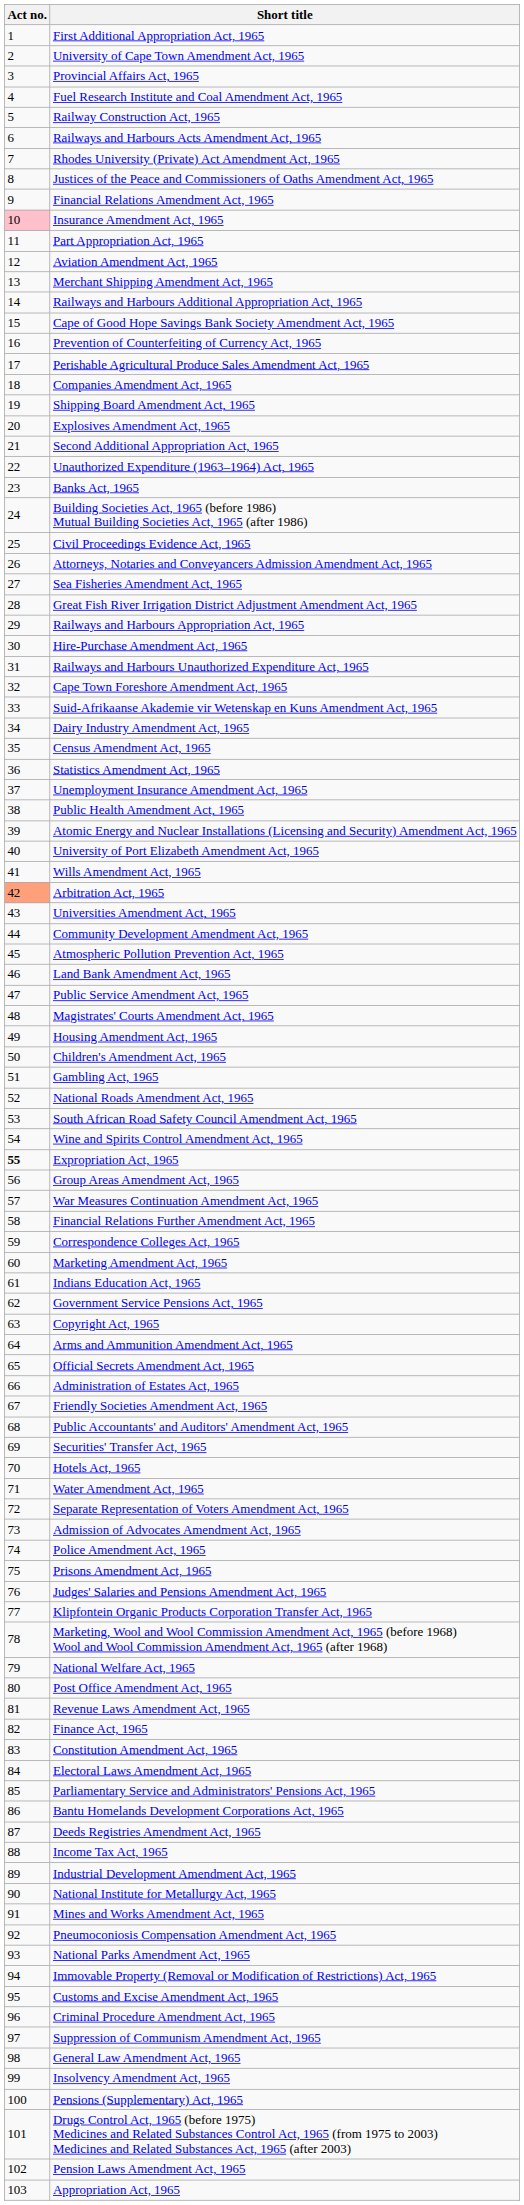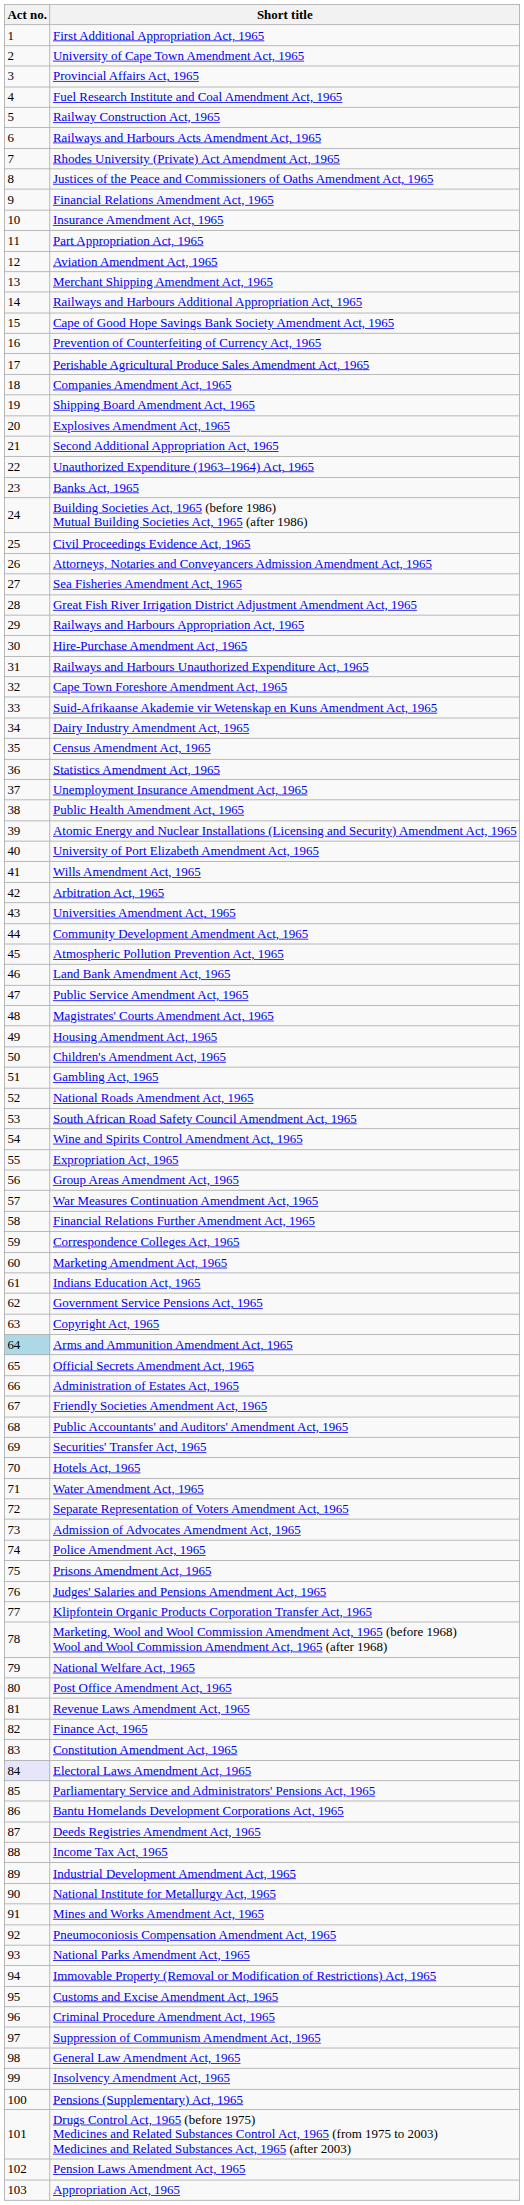 <table class="wikitable sortable">
 <tr>
 <th>Act no.</th>
 <th>Short title</th>
 </tr>
 <tr>
 <td>1</td>
 <td><a href='#'>First Additional Appropriation Act, 1965</a></td>
 </tr>
 <tr>
 <td>2</td>
 <td><a href='#'>University of Cape Town Amendment Act, 1965</a></td>
 </tr>
 <tr>
 <td>3</td>
 <td><a href='#'>Provincial Affairs Act, 1965</a></td>
 </tr>
 <tr>
 <td>4</td>
 <td><a href='#'>Fuel Research Institute and Coal Amendment Act, 1965</a></td>
 </tr>
 <tr>
 <td>5</td>
 <td><a href='#'>Railway Construction Act, 1965</a></td>
 </tr>
 <tr>
 <td>6</td>
 <td><a href='#'>Railways and Harbours Acts Amendment Act, 1965</a></td>
 </tr>
 <tr>
 <td>7</td>
 <td><a href='#'>Rhodes University (Private) Act Amendment Act, 1965</a></td>
 </tr>
 <tr>
 <td>8</td>
 <td><a href='#'>Justices of the Peace and Commissioners of Oaths Amendment Act, 1965</a></td>
 </tr>
 <tr>
 <td>9</td>
 <td><a href='#'>Financial Relations Amendment Act, 1965</a></td>
 </tr>
 <tr>
-<td style="background: pink;">10</td>
+<td>10</td>
 <td><a href='#'>Insurance Amendment Act, 1965</a></td>
 </tr>
 <tr>
 <td>11</td>
 <td><a href='#'>Part Appropriation Act, 1965</a></td>
 </tr>
 <tr>
 <td>12</td>
 <td><a href='#'>Aviation Amendment Act, 1965</a></td>
 </tr>
 <tr>
 <td>13</td>
 <td><a href='#'>Merchant Shipping Amendment Act, 1965</a></td>
 </tr>
 <tr>
 <td>14</td>
 <td><a href='#'>Railways and Harbours Additional Appropriation Act, 1965</a></td>
 </tr>
 <tr>
 <td>15</td>
 <td><a href='#'>Cape of Good Hope Savings Bank Society Amendment Act, 1965</a></td>
 </tr>
 <tr>
 <td>16</td>
 <td><a href='#'>Prevention of Counterfeiting of Currency Act, 1965</a></td>
 </tr>
 <tr>
 <td>17</td>
 <td><a href='#'>Perishable Agricultural Produce Sales Amendment Act, 1965</a></td>
 </tr>
 <tr>
 <td>18</td>
 <td><a href='#'>Companies Amendment Act, 1965</a></td>
 </tr>
 <tr>
 <td>19</td>
 <td><a href='#'>Shipping Board Amendment Act, 1965</a></td>
 </tr>
 <tr>
 <td>20</td>
 <td><a href='#'>Explosives Amendment Act, 1965</a></td>
 </tr>
 <tr>
 <td>21</td>
 <td><a href='#'>Second Additional Appropriation Act, 1965</a></td>
 </tr>
 <tr>
 <td>22</td>
 <td><a href='#'>Unauthorized Expenditure (1963–1964) Act, 1965</a></td>
 </tr>
 <tr>
 <td>23</td>
 <td><a href='#'>Banks Act, 1965</a></td>
 </tr>
 <tr>
 <td>24</td>
 <td><a href='#'>Building Societies Act, 1965</a> (before 1986) <br><a href='#'>Mutual Building Societies Act, 1965</a> (after 1986)</td>
 </tr>
 <tr>
 <td>25</td>
 <td><a href='#'>Civil Proceedings Evidence Act, 1965</a></td>
 </tr>
 <tr>
 <td>26</td>
 <td><a href='#'>Attorneys, Notaries and Conveyancers Admission Amendment Act, 1965</a></td>
 </tr>
 <tr>
 <td>27</td>
 <td><a href='#'>Sea Fisheries Amendment Act, 1965</a></td>
 </tr>
 <tr>
 <td>28</td>
 <td><a href='#'>Great Fish River Irrigation District Adjustment Amendment Act, 1965</a></td>
 </tr>
 <tr>
 <td>29</td>
 <td><a href='#'>Railways and Harbours Appropriation Act, 1965</a></td>
 </tr>
 <tr>
 <td>30</td>
 <td><a href='#'>Hire-Purchase Amendment Act, 1965</a></td>
 </tr>
 <tr>
 <td>31</td>
 <td><a href='#'>Railways and Harbours Unauthorized Expenditure Act, 1965</a></td>
 </tr>
 <tr>
 <td>32</td>
 <td><a href='#'>Cape Town Foreshore Amendment Act, 1965</a></td>
 </tr>
 <tr>
 <td>33</td>
 <td><a href='#'>Suid-Afrikaanse Akademie vir Wetenskap en Kuns Amendment Act, 1965</a></td>
 </tr>
 <tr>
 <td>34</td>
 <td><a href='#'>Dairy Industry Amendment Act, 1965</a></td>
 </tr>
 <tr>
 <td>35</td>
 <td><a href='#'>Census Amendment Act, 1965</a></td>
 </tr>
 <tr>
 <td>36</td>
 <td><a href='#'>Statistics Amendment Act, 1965</a></td>
 </tr>
 <tr>
 <td>37</td>
 <td><a href='#'>Unemployment Insurance Amendment Act, 1965</a></td>
 </tr>
 <tr>
 <td>38</td>
 <td><a href='#'>Public Health Amendment Act, 1965</a></td>
 </tr>
 <tr>
 <td>39</td>
 <td><a href='#'>Atomic Energy and Nuclear Installations (Licensing and Security) Amendment Act, 1965</a></td>
 </tr>
 <tr>
 <td>40</td>
 <td><a href='#'>University of Port Elizabeth Amendment Act, 1965</a></td>
 </tr>
 <tr>
 <td>41</td>
 <td><a href='#'>Wills Amendment Act, 1965</a></td>
 </tr>
 <tr>
-<td style="background: lightsalmon;">42</td>
+<td>42</td>
 <td><a href='#'>Arbitration Act, 1965</a></td>
 </tr>
 <tr>
 <td>43</td>
 <td><a href='#'>Universities Amendment Act, 1965</a></td>
 </tr>
 <tr>
 <td>44</td>
 <td><a href='#'>Community Development Amendment Act, 1965</a></td>
 </tr>
 <tr>
 <td>45</td>
 <td><a href='#'>Atmospheric Pollution Prevention Act, 1965</a></td>
 </tr>
 <tr>
 <td>46</td>
 <td><a href='#'>Land Bank Amendment Act, 1965</a></td>
 </tr>
 <tr>
 <td>47</td>
 <td><a href='#'>Public Service Amendment Act, 1965</a></td>
 </tr>
 <tr>
 <td>48</td>
 <td><a href='#'>Magistrates' Courts Amendment Act, 1965</a></td>
 </tr>
 <tr>
 <td>49</td>
 <td><a href='#'>Housing Amendment Act, 1965</a></td>
 </tr>
 <tr>
 <td>50</td>
 <td><a href='#'>Children's Amendment Act, 1965</a></td>
 </tr>
 <tr>
 <td>51</td>
 <td><a href='#'>Gambling Act, 1965</a></td>
 </tr>
 <tr>
 <td>52</td>
 <td><a href='#'>National Roads Amendment Act, 1965</a></td>
 </tr>
 <tr>
 <td>53</td>
 <td><a href='#'>South African Road Safety Council Amendment Act, 1965</a></td>
 </tr>
 <tr>
 <td>54</td>
 <td><a href='#'>Wine and Spirits Control Amendment Act, 1965</a></td>
 </tr>
 <tr>
-<td><strong>55</strong></td>
+<td>55</td>
 <td><a href='#'>Expropriation Act, 1965</a></td>
 </tr>
 <tr>
 <td>56</td>
 <td><a href='#'>Group Areas Amendment Act, 1965</a></td>
 </tr>
 <tr>
 <td>57</td>
 <td><a href='#'>War Measures Continuation Amendment Act, 1965</a></td>
 </tr>
 <tr>
 <td>58</td>
 <td><a href='#'>Financial Relations Further Amendment Act, 1965</a></td>
 </tr>
 <tr>
 <td>59</td>
 <td><a href='#'>Correspondence Colleges Act, 1965</a></td>
 </tr>
 <tr>
 <td>60</td>
 <td><a href='#'>Marketing Amendment Act, 1965</a></td>
 </tr>
 <tr>
 <td>61</td>
 <td><a href='#'>Indians Education Act, 1965</a></td>
 </tr>
 <tr>
 <td>62</td>
 <td><a href='#'>Government Service Pensions Act, 1965</a></td>
 </tr>
 <tr>
 <td>63</td>
 <td><a href='#'>Copyright Act, 1965</a></td>
 </tr>
 <tr>
-<td>64</td>
+<td style="background: lightblue;">64</td>
 <td><a href='#'>Arms and Ammunition Amendment Act, 1965</a></td>
 </tr>
 <tr>
 <td>65</td>
 <td><a href='#'>Official Secrets Amendment Act, 1965</a></td>
 </tr>
 <tr>
 <td>66</td>
 <td><a href='#'>Administration of Estates Act, 1965</a></td>
 </tr>
 <tr>
 <td>67</td>
 <td><a href='#'>Friendly Societies Amendment Act, 1965</a></td>
 </tr>
 <tr>
 <td>68</td>
 <td><a href='#'>Public Accountants' and Auditors' Amendment Act, 1965</a></td>
 </tr>
 <tr>
 <td>69</td>
 <td><a href='#'>Securities' Transfer Act, 1965</a></td>
 </tr>
 <tr>
 <td>70</td>
 <td><a href='#'>Hotels Act, 1965</a></td>
 </tr>
 <tr>
 <td>71</td>
 <td><a href='#'>Water Amendment Act, 1965</a></td>
 </tr>
 <tr>
 <td>72</td>
 <td><a href='#'>Separate Representation of Voters Amendment Act, 1965</a></td>
 </tr>
 <tr>
 <td>73</td>
 <td><a href='#'>Admission of Advocates Amendment Act, 1965</a></td>
 </tr>
 <tr>
 <td>74</td>
 <td><a href='#'>Police Amendment Act, 1965</a></td>
 </tr>
 <tr>
 <td>75</td>
 <td><a href='#'>Prisons Amendment Act, 1965</a></td>
 </tr>
 <tr>
 <td>76</td>
 <td><a href='#'>Judges' Salaries and Pensions Amendment Act, 1965</a></td>
 </tr>
 <tr>
 <td>77</td>
 <td><a href='#'>Klipfontein Organic Products Corporation Transfer Act, 1965</a></td>
 </tr>
 <tr>
 <td>78</td>
 <td><a href='#'>Marketing, Wool and Wool Commission Amendment Act, 1965</a> (before 1968) <br><a href='#'>Wool and Wool Commission Amendment Act, 1965</a> (after 1968)</td>
 </tr>
 <tr>
 <td>79</td>
 <td><a href='#'>National Welfare Act, 1965</a></td>
 </tr>
 <tr>
 <td>80</td>
 <td><a href='#'>Post Office Amendment Act, 1965</a></td>
 </tr>
 <tr>
 <td>81</td>
 <td><a href='#'>Revenue Laws Amendment Act, 1965</a></td>
 </tr>
 <tr>
 <td>82</td>
 <td><a href='#'>Finance Act, 1965</a></td>
 </tr>
 <tr>
 <td>83</td>
 <td><a href='#'>Constitution Amendment Act, 1965</a></td>
 </tr>
 <tr>
-<td>84</td>
+<td style="background: lavender;">84</td>
 <td><a href='#'>Electoral Laws Amendment Act, 1965</a></td>
 </tr>
 <tr>
 <td>85</td>
 <td><a href='#'>Parliamentary Service and Administrators' Pensions Act, 1965</a></td>
 </tr>
 <tr>
 <td>86</td>
 <td><a href='#'>Bantu Homelands Development Corporations Act, 1965</a></td>
 </tr>
 <tr>
 <td>87</td>
 <td><a href='#'>Deeds Registries Amendment Act, 1965</a></td>
 </tr>
 <tr>
 <td>88</td>
 <td><a href='#'>Income Tax Act, 1965</a></td>
 </tr>
 <tr>
 <td>89</td>
 <td><a href='#'>Industrial Development Amendment Act, 1965</a></td>
 </tr>
 <tr>
 <td>90</td>
 <td><a href='#'>National Institute for Metallurgy Act, 1965</a></td>
 </tr>
 <tr>
 <td>91</td>
 <td><a href='#'>Mines and Works Amendment Act, 1965</a></td>
 </tr>
 <tr>
 <td>92</td>
 <td><a href='#'>Pneumoconiosis Compensation Amendment Act, 1965</a></td>
 </tr>
 <tr>
 <td>93</td>
 <td><a href='#'>National Parks Amendment Act, 1965</a></td>
 </tr>
 <tr>
 <td>94</td>
 <td><a href='#'>Immovable Property (Removal or Modification of Restrictions) Act, 1965</a></td>
 </tr>
 <tr>
 <td>95</td>
 <td><a href='#'>Customs and Excise Amendment Act, 1965</a></td>
 </tr>
 <tr>
 <td>96</td>
 <td><a href='#'>Criminal Procedure Amendment Act, 1965</a></td>
 </tr>
 <tr>
 <td>97</td>
 <td><a href='#'>Suppression of Communism Amendment Act, 1965</a></td>
 </tr>
 <tr>
 <td>98</td>
 <td><a href='#'>General Law Amendment Act, 1965</a></td>
 </tr>
 <tr>
 <td>99</td>
 <td><a href='#'>Insolvency Amendment Act, 1965</a></td>
 </tr>
 <tr>
 <td>100</td>
 <td><a href='#'>Pensions (Supplementary) Act, 1965</a></td>
 </tr>
 <tr>
 <td>101</td>
 <td><a href='#'>Drugs Control Act, 1965</a> (before 1975) <br><a href='#'>Medicines and Related Substances Control Act, 1965</a> (from 1975 to 2003) <br><a href='#'>Medicines and Related Substances Act, 1965</a> (after 2003)</td>
 </tr>
 <tr>
 <td>102</td>
 <td><a href='#'>Pension Laws Amendment Act, 1965</a></td>
 </tr>
 <tr>
 <td>103</td>
 <td><a href='#'>Appropriation Act, 1965</a></td>
 </tr>
 </table>
